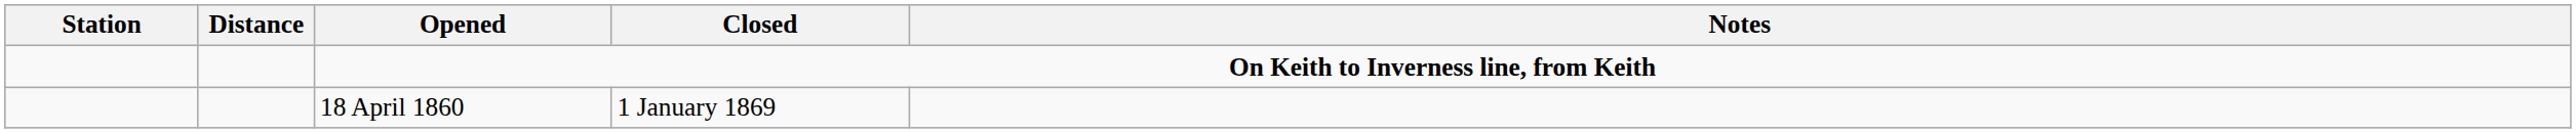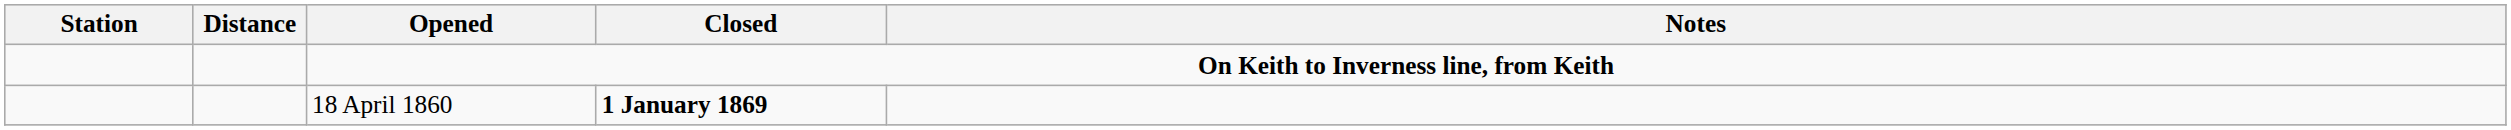 <table class="wikitable" style="width:100%; margin-right:0;">
 <tr>
 <th scope="col" style="width:7em; text-align:center;">Station</th>
 <th scope="col" style="width:4em; text-align:center;">Distance</th>
 <th scope="col" style="width:11em;">Opened</th>
 <th scope="col" style="width:11em;">Closed</th>
 <th scope="col" class="unsortable">Notes</th>
 </tr>
 <tr>
 <td></td>
 <td></td>
 <td colspan="3" style="text-align:center;"><strong>On Keith to Inverness line,  from Keith</strong></td>
 </tr>
 <tr>
 <td></td>
 <td></td>
 <td>18 April 1860</td>
-<td>1 January 1869</td>
+<td><strong>1 January 1869</strong></td>
 <td></td>
 </tr>
 </table>
